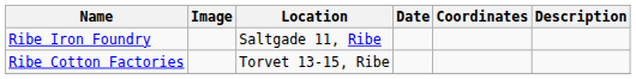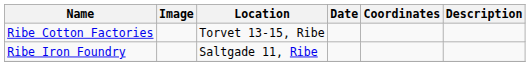 <table class="wikitable sortable">
 <tr>
 <th>Name</th>
 <th>Image</th>
 <th>Location</th>
 <th>Date</th>
 <th>Coordinates</th>
 <th>Description</th>
 </tr>
 <tr>
+<td><a href='#'>Ribe Cotton Factories</a></td>
+<td></td>
+<td>Torvet 13-15, Ribe</td>
+<td></td>
+<td></td>
+<td></td>
+</tr>
+<tr>
 <td><a href='#'>Ribe Iron Foundry</a></td>
 <td></td>
 <td>Saltgade 11, <a href='#'>Ribe</a></td>
 <td></td>
 <td></td>
 <td></td>
 </tr>
 <tr>
-<td><a href='#'>Ribe Cotton Factories</a></td>
-<td></td>
-<td>Torvet 13-15, Ribe</td>
-<td></td>
-<td></td>
-<td></td>
-</tr>
-<tr>
 </tr>
 </table>
